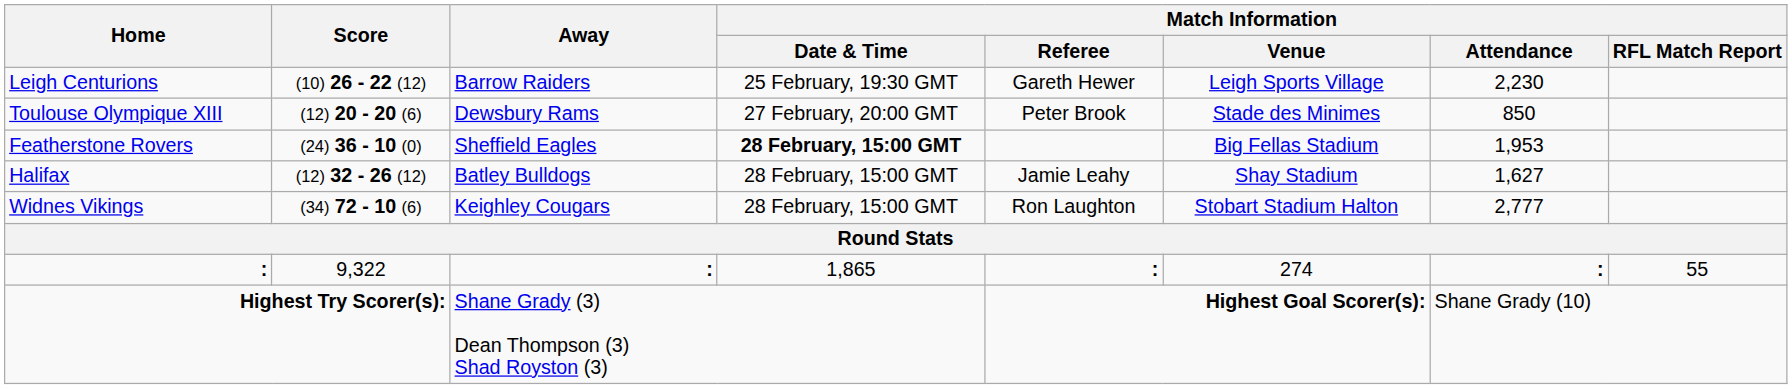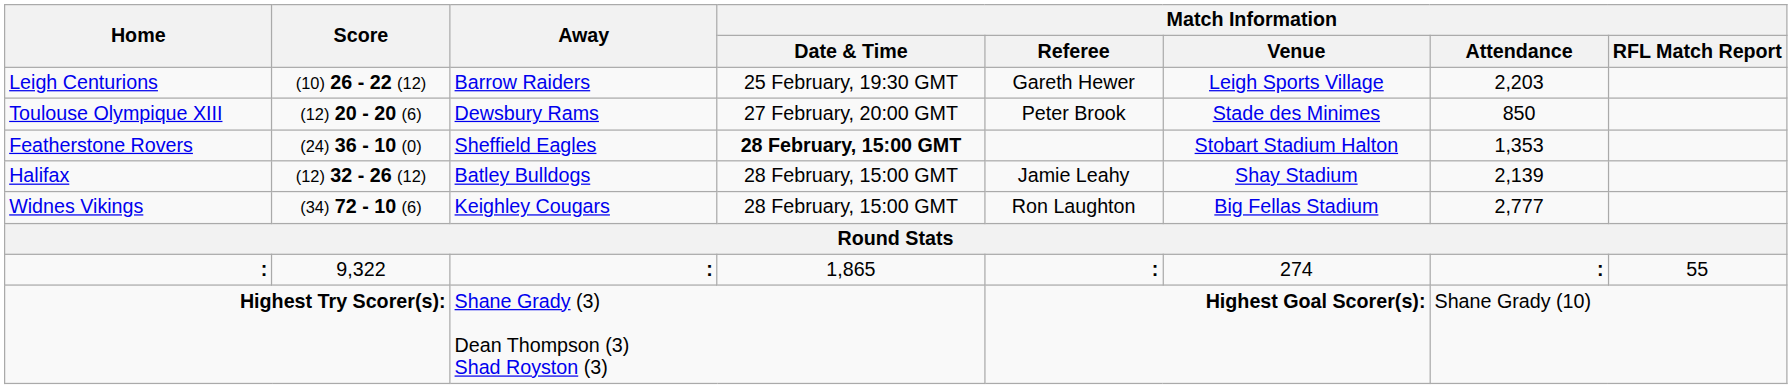 <table class="wikitable" style="text-align: center; cellpadding=3 cellspacing=0 width=95%">
 <tr>
 <th rowspan=2 width=15%>Home</th>
 <th rowspan=2 width=10%>Score</th>
 <th rowspan=2 width=15%>Away</th>
 <th colspan=5>Match Information</th>
 </tr>
 <tr>
 <th width=15%>Date & Time</th>
 <th width=10%>Referee</th>
 <th width=15%>Venue</th>
 <th width=10%>Attendance</th>
 <th width=10%>RFL Match Report</th>
 </tr>
 <tr>
 <td align=left> <a href='#'>Leigh Centurions</a></td>
 <td><small>(10)</small> <strong>26 - 22</strong> <small>(12)</small></td>
 <td align=left> <a href='#'>Barrow Raiders</a></td>
 <td>25 February, 19:30 GMT</td>
 <td>Gareth Hewer</td>
 <td><a href='#'>Leigh Sports Village</a></td>
-<td>2,230</td>
+<td>2,203</td>
 <td align="center"></td>
 </tr>
 <tr>
 <td align=left> <a href='#'>Toulouse Olympique XIII</a></td>
 <td><small>(12)</small> <strong>20 - 20</strong> <small>(6)</small></td>
 <td align=left> <a href='#'>Dewsbury Rams</a></td>
 <td>27 February, 20:00 GMT</td>
 <td>Peter Brook</td>
 <td><a href='#'>Stade des Minimes</a></td>
 <td>850</td>
 <td align="center"></td>
 </tr>
 <tr>
 <td align=left> <a href='#'>Featherstone Rovers</a></td>
 <td><small>(24)</small> <strong>36 - 10</strong> <small>(0)</small></td>
 <td align=left> <a href='#'>Sheffield Eagles</a></td>
 <td><strong>28 February, 15:00 GMT</strong></td>
 <td></td>
-<td><a href='#'>Big Fellas Stadium</a></td>
-<td>1,953</td>
+<td><a href='#'>Stobart Stadium Halton</a></td>
+<td>1,353</td>
 <td align="center"></td>
 </tr>
 <tr>
 <td align=left> <a href='#'>Halifax</a></td>
 <td><small>(12)</small> <strong>32 - 26</strong> <small>(12)</small></td>
 <td align=left> <a href='#'>Batley Bulldogs</a></td>
 <td>28 February, 15:00 GMT</td>
 <td>Jamie Leahy</td>
 <td><a href='#'>Shay Stadium</a></td>
-<td>1,627</td>
+<td>2,139</td>
 <td align="center"></td>
 </tr>
 <tr>
 <td align=left> <a href='#'>Widnes Vikings</a></td>
 <td><small>(34)</small> <strong>72 - 10</strong> <small>(6)</small></td>
 <td align=left> <a href='#'>Keighley Cougars</a></td>
 <td>28 February, 15:00 GMT</td>
 <td>Ron Laughton</td>
-<td><a href='#'>Stobart Stadium Halton</a></td>
+<td><a href='#'>Big Fellas Stadium</a></td>
 <td>2,777</td>
 <td align="center"></td>
 </tr>
 <tr>
 <th colspan=8>Round Stats</th>
 </tr>
 <tr>
 <td colspan=1 align=right><strong>:</strong></td>
 <td colspan=1>9,322</td>
 <td colspan=1 align=right><strong>:</strong></td>
 <td colspan=1>1,865</td>
 <td colspan=1 align=right><strong>:</strong></td>
 <td colspan=1>274</td>
 <td colspan=1 align=right><strong>:</strong></td>
 <td colspan=1>55</td>
 </tr>
 <tr>
 <td colspan=2 valign="top" align=right><strong>Highest Try Scorer(s):</strong></td>
 <td colspan=2 valign="top" align=left> <a href='#'>Shane Grady</a> (3)<br><br> Dean Thompson (3)<br>  <a href='#'>Shad Royston</a> (3)<br></td>
 <td colspan=2 valign="top" align=right><strong>Highest Goal Scorer(s):</strong></td>
 <td colspan=2 valign="top" align=left> Shane Grady (10)</td>
 </tr>
 </table>
